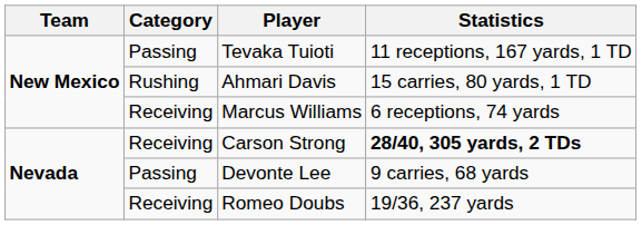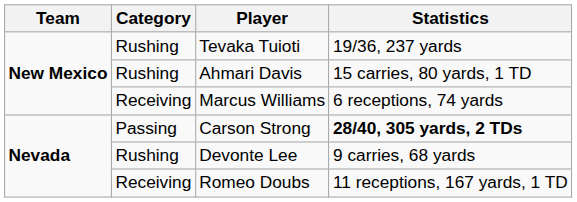 <table class="wikitable" style="float: left;">
 <tr>
 <th>Team</th>
 <th>Category</th>
 <th>Player</th>
 <th>Statistics</th>
 </tr>
 <tr>
 <td rowspan=3><strong>New Mexico</strong></td>
-<td>Passing</td>
+<td>Rushing</td>
 <td>Tevaka Tuioti</td>
-<td>11 receptions, 167 yards, 1 TD</td>
+<td>19/36, 237 yards</td>
 </tr>
 <tr>
 <td>Rushing</td>
 <td>Ahmari Davis</td>
 <td>15 carries, 80 yards, 1 TD</td>
 </tr>
 <tr>
 <td>Receiving</td>
 <td>Marcus Williams</td>
 <td>6 receptions, 74 yards</td>
 </tr>
 <tr>
 <td rowspan=3><strong>Nevada</strong></td>
-<td>Receiving</td>
+<td>Passing</td>
 <td>Carson Strong</td>
 <td><strong>28/40, 305 yards, 2 TDs</strong></td>
 </tr>
 <tr>
-<td>Passing</td>
+<td>Rushing</td>
 <td>Devonte Lee</td>
 <td>9 carries, 68 yards</td>
 </tr>
 <tr>
 <td>Receiving</td>
 <td>Romeo Doubs</td>
-<td>19/36, 237 yards</td>
+<td>11 receptions, 167 yards, 1 TD</td>
 </tr>
 </table>
